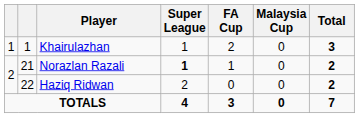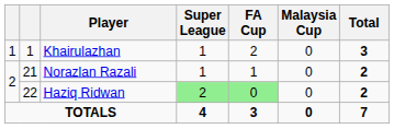 <table class="wikitable sortable" style="font-size: 95%; text-align: center;">
 <tr>
 <th width=10></th>
 <th width=10></th>
 <th width=150>Player</th>
 <th width=50>Super League</th>
 <th width=50>FA Cup</th>
 <th width=50>Malaysia Cup</th>
 <th width=50>Total</th>
 </tr>
 <tr>
 <td>1</td>
 <td>1</td>
 <td align=left> <a href='#'>Khairulazhan</a></td>
 <td>1</td>
 <td>2</td>
 <td>0</td>
 <td><strong>3</strong></td>
 </tr>
 <tr>
 <td rowspan=2>2</td>
 <td>21</td>
 <td align=left> <a href='#'>Norazlan Razali</a></td>
-<td><strong>1</strong></td>
+<td>1</td>
 <td>1</td>
 <td>0</td>
 <td><strong>2</strong></td>
 </tr>
 <tr>
 <td>22</td>
 <td align=left> <a href='#'>Haziq Ridwan</a></td>
-<td>2</td>
-<td>0</td>
+<td style="background: lightgreen;">2</td>
+<td style="background: lightgreen;">0</td>
 <td>0</td>
 <td><strong>2</strong></td>
 </tr>
 <tr class="sortbottom">
 <td colspan=3><strong>TOTALS</strong></td>
 <td><strong>4</strong></td>
 <td><strong>3</strong></td>
 <td><strong>0</strong></td>
 <td><strong>7</strong></td>
 </tr>
 </table>
